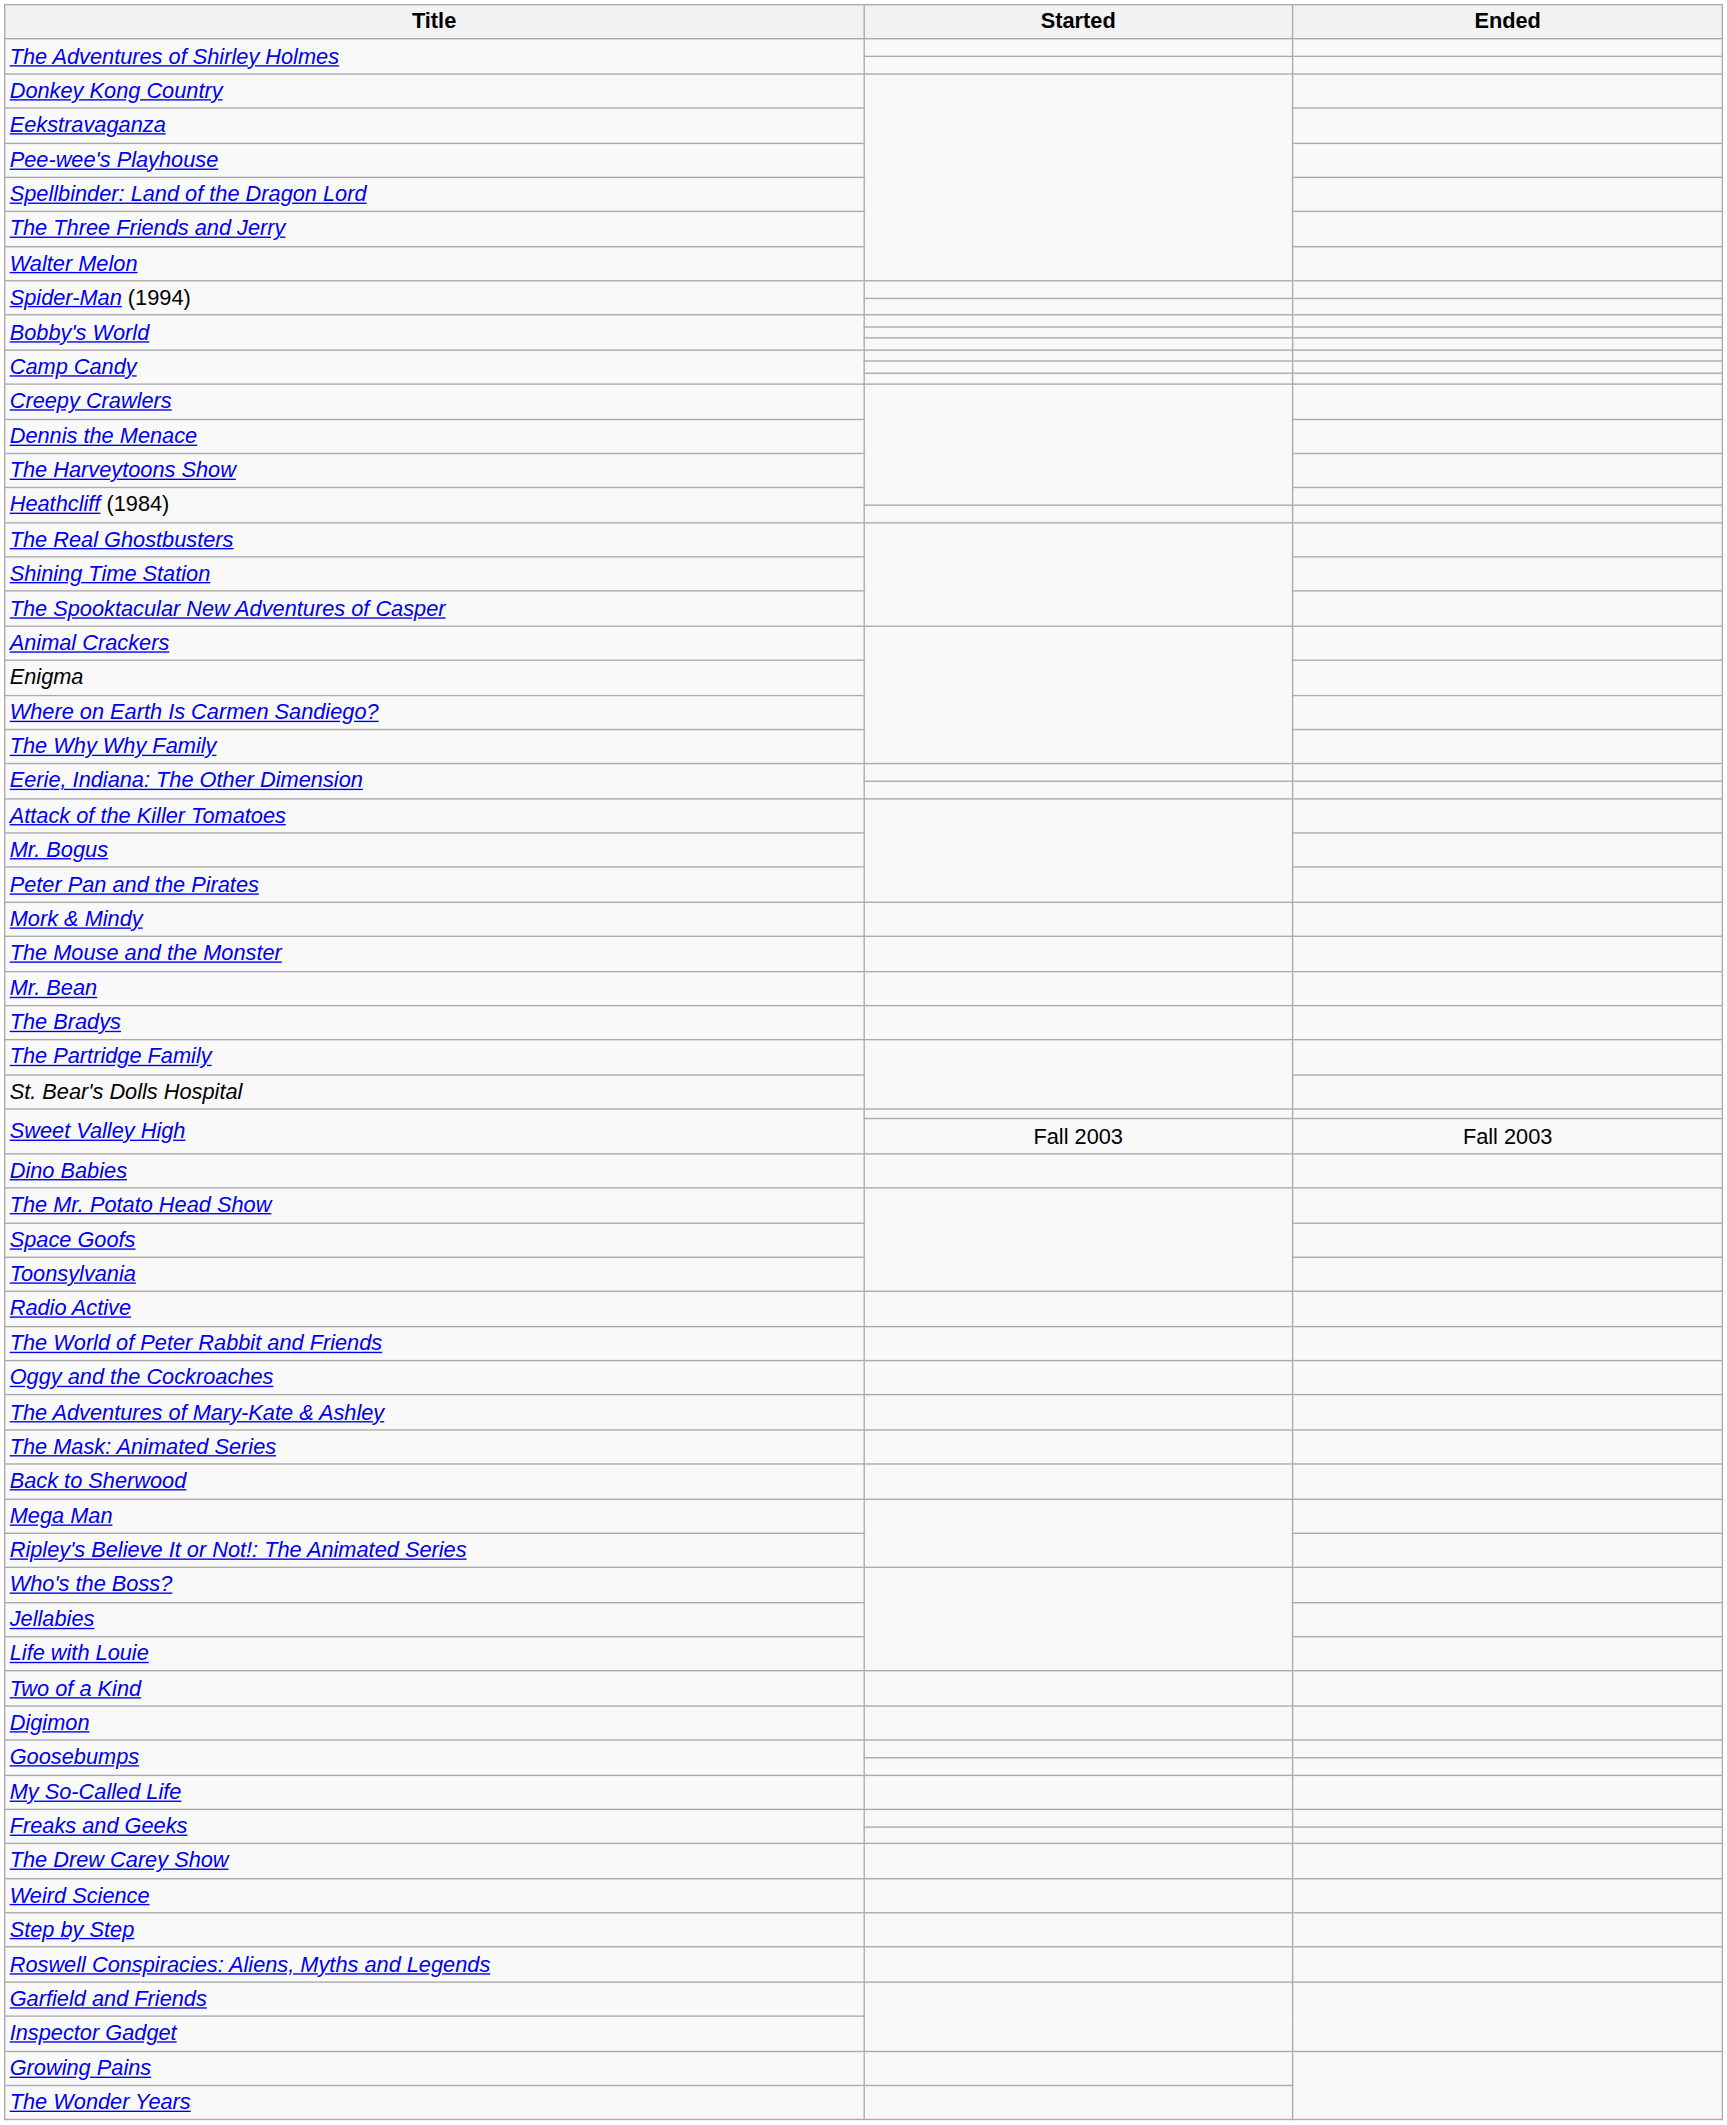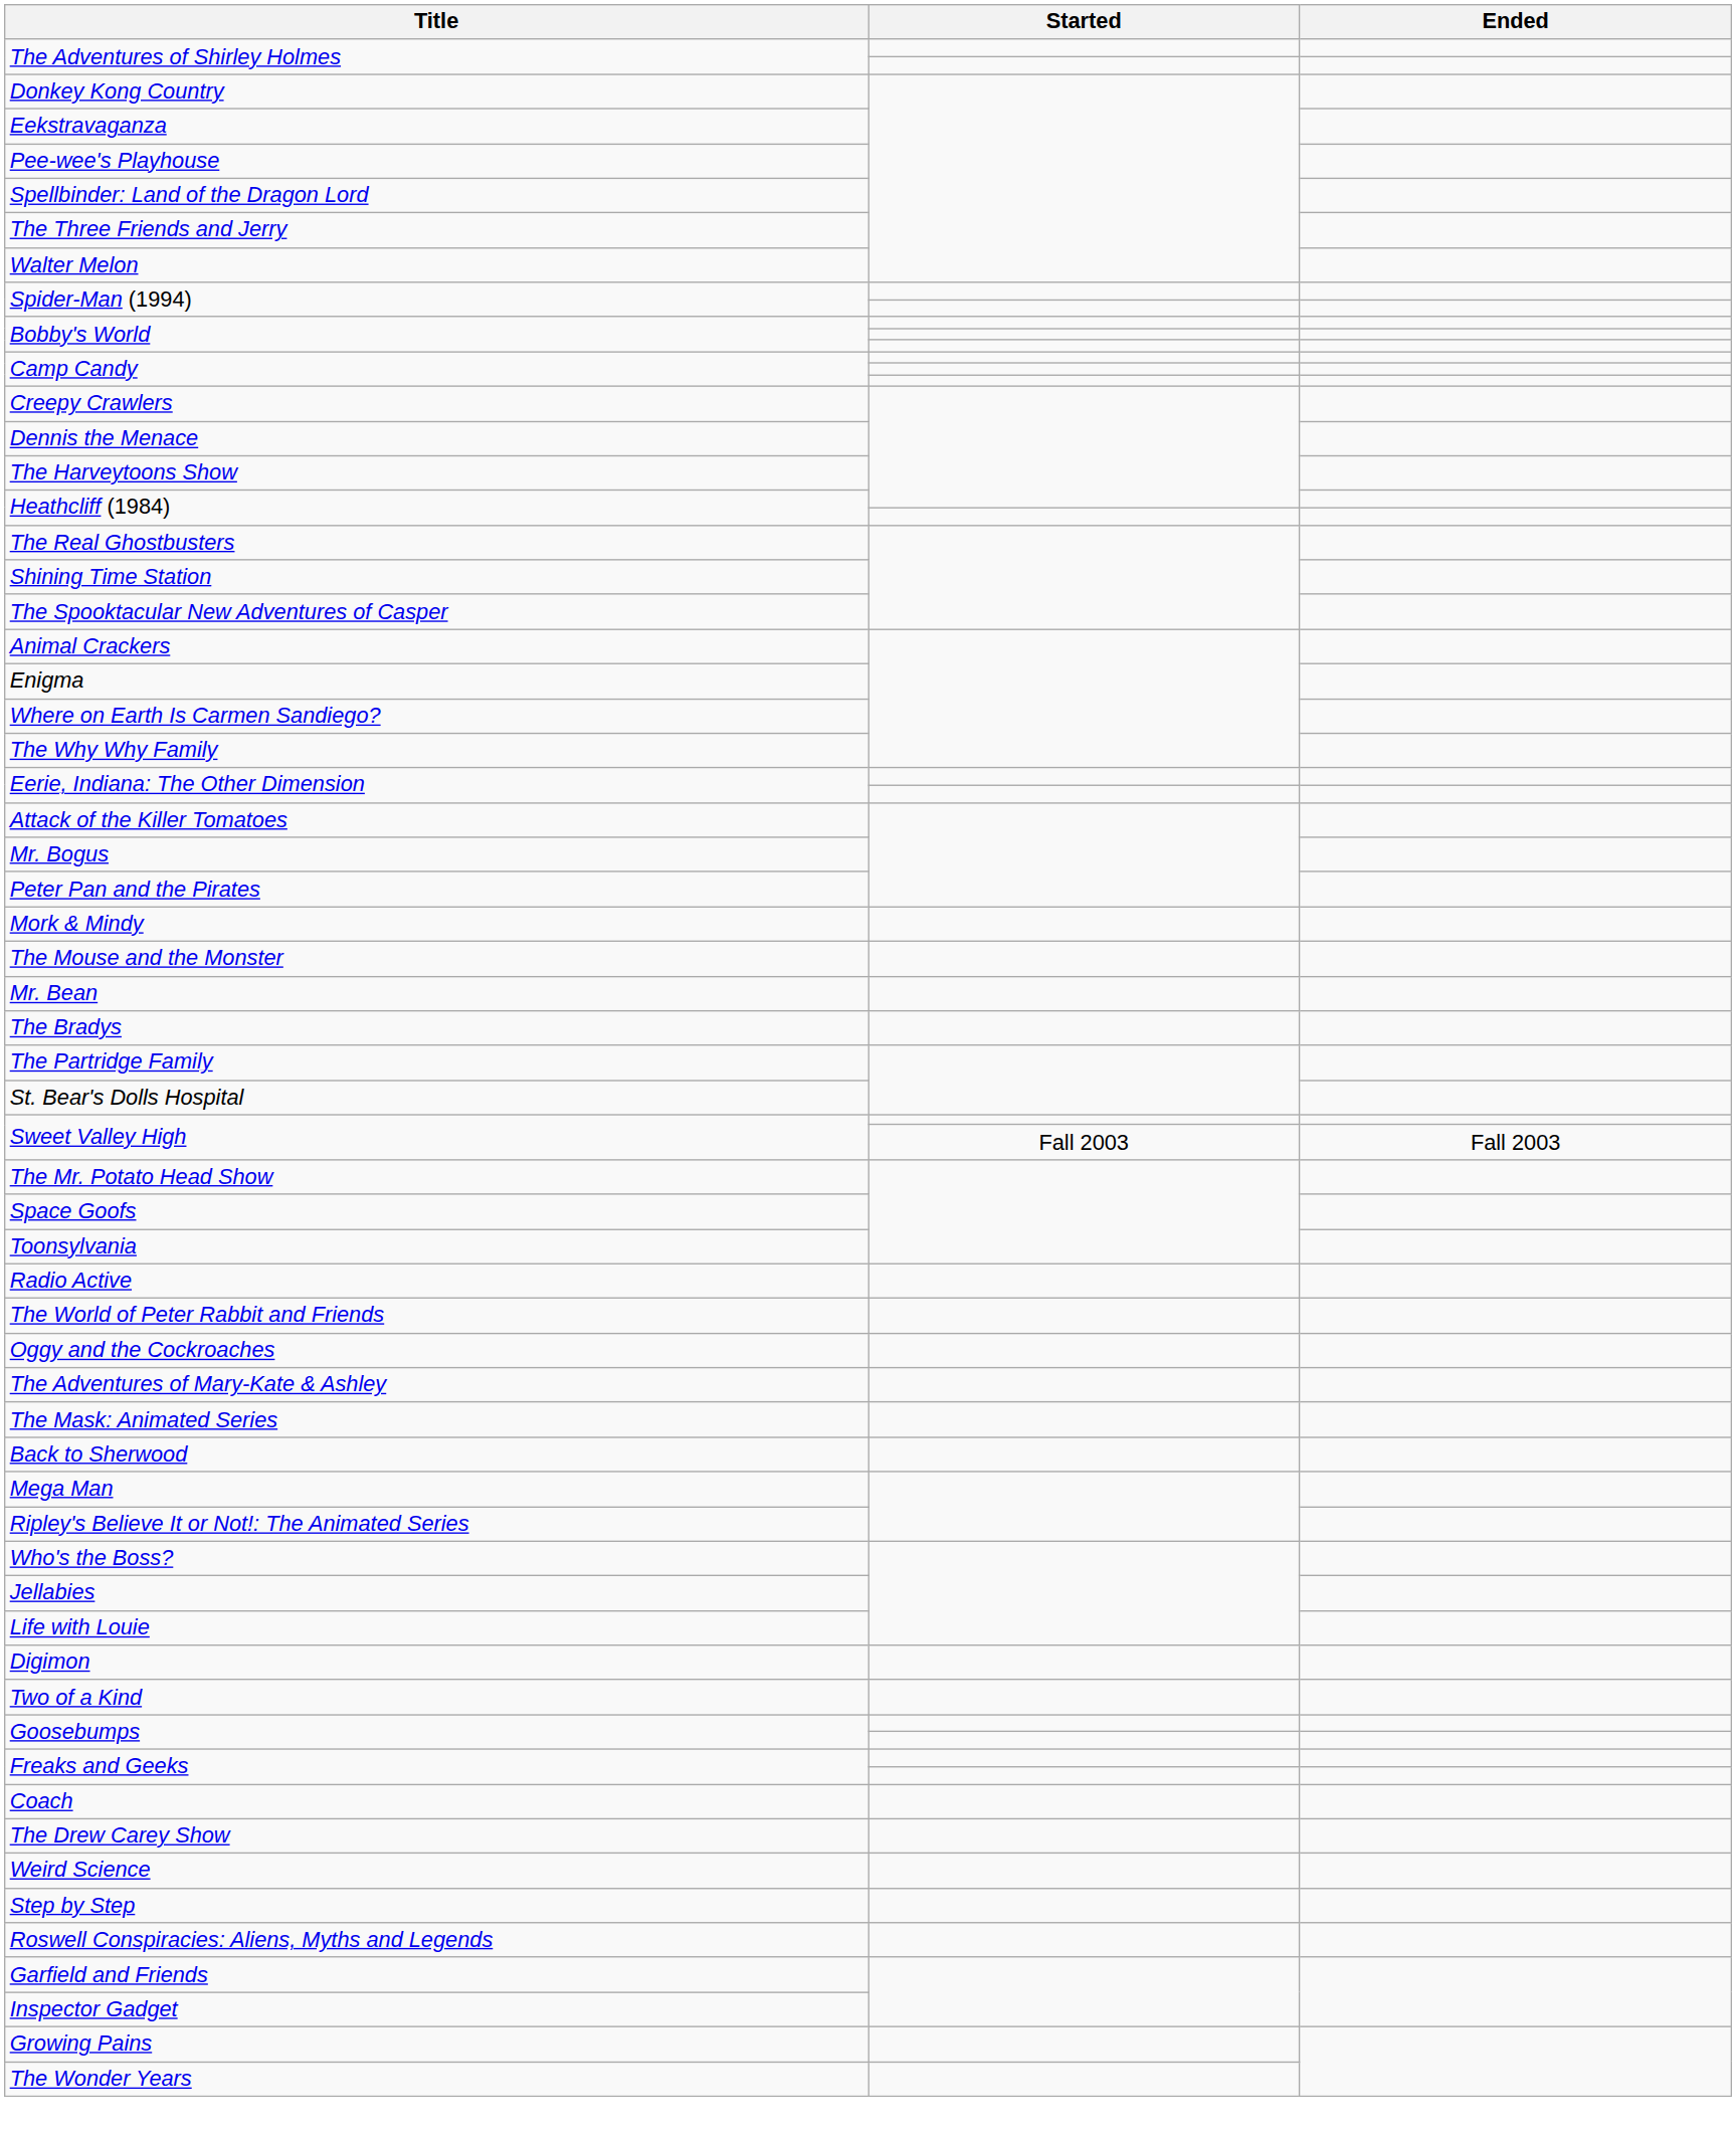 <table class="wikitable sortable" style="width:100%;text-align:center;">
 <tr>
 <th scope="col" style="width:50%;">Title</th>
 <th scope="col" style="width:25%;">Started</th>
 <th scope="col" style="width:25%;">Ended</th>
 </tr>
 <tr>
 <td scope="row" style="text-align:left;" rowspan="2"><em><a href='#'>The Adventures of Shirley Holmes</a></em></td>
 <td></td>
 <td></td>
 </tr>
 <tr>
 <td scope="row" style="text-align:center;"></td>
 <td></td>
 </tr>
 <tr>
 <td scope="row" style="text-align:left;"><em><a href='#'>Donkey Kong Country</a></em></td>
 <td rowspan="6"></td>
 <td></td>
 </tr>
 <tr>
 <td scope="row" style="text-align:left;"><em><a href='#'>Eekstravaganza</a></em></td>
 <td></td>
 </tr>
 <tr>
 <td scope="row" style="text-align:left;"><em><a href='#'>Pee-wee's Playhouse</a></em></td>
 <td></td>
 </tr>
 <tr>
 <td scope="row" style="text-align:left;"><em><a href='#'>Spellbinder: Land of the Dragon Lord</a></em></td>
 <td></td>
 </tr>
 <tr>
 <td scope="row" style="text-align:left;"><em><a href='#'>The Three Friends and Jerry</a></em></td>
 <td></td>
 </tr>
 <tr>
 <td scope="row" style="text-align:left;"><em><a href='#'>Walter Melon</a></em></td>
 <td></td>
 </tr>
 <tr>
 <td scope="row" style="text-align:left;" rowspan="2"><em><a href='#'>Spider-Man</a></em> (1994)</td>
 <td></td>
 <td></td>
 </tr>
 <tr>
 <td scope="row" style="text-align:center;"></td>
 <td></td>
 </tr>
 <tr>
 <td scope="row" style="text-align:left;" rowspan="3"><em><a href='#'>Bobby's World</a></em></td>
 <td></td>
 <td></td>
 </tr>
 <tr>
 <td scope="row" style="text-align:center;"></td>
 <td></td>
 </tr>
 <tr>
 <td scope="row" style="text-align:center;"></td>
 <td></td>
 </tr>
 <tr>
 <td scope="row" style="text-align:left;" rowspan="3"><em><a href='#'>Camp Candy</a></em></td>
 <td></td>
 <td></td>
 </tr>
 <tr>
 <td scope="row" style="text-align:center;"></td>
 <td></td>
 </tr>
 <tr>
 <td scope="row" style="text-align:center;"></td>
 <td></td>
 </tr>
 <tr>
 <td scope="row" style="text-align:left;"><em><a href='#'>Creepy Crawlers</a></em></td>
 <td rowspan="4"></td>
 <td></td>
 </tr>
 <tr>
 <td scope="row" style="text-align:left;"><em><a href='#'>Dennis the Menace</a></em></td>
 <td></td>
 </tr>
 <tr>
 <td scope="row" style="text-align:left;"><em><a href='#'>The Harveytoons Show</a></em></td>
 <td></td>
 </tr>
 <tr>
 <td scope="row" style="text-align:left;" rowspan="2"><em><a href='#'>Heathcliff</a></em> (1984)</td>
 <td></td>
 </tr>
 <tr>
 <td scope="row" style="text-align:center;"></td>
 <td></td>
 </tr>
 <tr>
 <td scope="row" style="text-align:left;"><em><a href='#'>The Real Ghostbusters</a></em></td>
 <td rowspan="3"></td>
 <td></td>
 </tr>
 <tr>
 <td scope="row" style="text-align:left;"><em><a href='#'>Shining Time Station</a></em></td>
 <td></td>
 </tr>
 <tr>
 <td scope="row" style="text-align:left;"><em><a href='#'>The Spooktacular New Adventures of Casper</a></em></td>
 <td></td>
 </tr>
 <tr>
 <td scope="row" style="text-align:left;"><em><a href='#'>Animal Crackers</a></em></td>
 <td rowspan="4"></td>
 <td></td>
 </tr>
 <tr>
 <td scope="row" style="text-align:left;"><em>Enigma</em></td>
 <td></td>
 </tr>
 <tr>
 <td scope="row" style="text-align:left;"><em><a href='#'>Where on Earth Is Carmen Sandiego?</a></em></td>
 <td></td>
 </tr>
 <tr>
 <td scope="row" style="text-align:left;"><em><a href='#'>The Why Why Family</a></em></td>
 <td></td>
 </tr>
 <tr>
 <td scope="row" style="text-align:left;" rowspan="2"><em><a href='#'>Eerie, Indiana: The Other Dimension</a></em></td>
 <td></td>
 <td></td>
 </tr>
 <tr>
 <td scope="row" style="text-align:center;"></td>
 <td></td>
 </tr>
 <tr>
 <td scope="row" style="text-align:left;"><em><a href='#'>Attack of the Killer Tomatoes</a></em></td>
 <td rowspan="3"></td>
 <td></td>
 </tr>
 <tr>
 <td scope="row" style="text-align:left;"><em><a href='#'>Mr. Bogus</a></em></td>
 <td></td>
 </tr>
 <tr>
 <td scope="row" style="text-align:left;"><em><a href='#'>Peter Pan and the Pirates</a></em></td>
 <td></td>
 </tr>
 <tr>
 <td scope="row" style="text-align:left;"><em><a href='#'>Mork & Mindy</a></em></td>
 <td></td>
 <td></td>
 </tr>
 <tr>
 <td scope="row" style="text-align:left;"><em><a href='#'>The Mouse and the Monster</a></em></td>
 <td></td>
 <td></td>
 </tr>
 <tr>
 <td scope="row" style="text-align:left;"><em><a href='#'>Mr. Bean</a></em></td>
 <td></td>
 <td></td>
 </tr>
 <tr>
 <td scope="row" style="text-align:left;"><em><a href='#'>The Bradys</a></em></td>
 <td></td>
 <td></td>
 </tr>
 <tr>
 <td scope="row" style="text-align:left;"><em><a href='#'>The Partridge Family</a></em></td>
 <td rowspan="2"></td>
 <td></td>
 </tr>
 <tr>
 <td scope="row" style="text-align:left;"><em>St. Bear's Dolls Hospital</em></td>
 <td></td>
 </tr>
 <tr>
 <td scope="row" style="text-align:left;" rowspan="2"><em><a href='#'>Sweet Valley High</a></em></td>
 <td></td>
 <td></td>
 </tr>
 <tr>
 <td scope="row" style="text-align:center;">Fall 2003</td>
 <td>Fall 2003</td>
 </tr>
 <tr>
-<td scope="row" style="text-align:left;"><em><a href='#'>Dino Babies</a></em></td>
-<td></td>
-<td></td>
-</tr>
-<tr>
 <td scope="row" style="text-align:left;"><em><a href='#'>The Mr. Potato Head Show</a></em></td>
 <td rowspan="3"></td>
 <td></td>
 </tr>
 <tr>
 <td scope="row" style="text-align:left;"><em><a href='#'>Space Goofs</a></em></td>
 <td></td>
 </tr>
 <tr>
 <td scope="row" style="text-align:left;"><em><a href='#'>Toonsylvania</a></em></td>
 <td></td>
 </tr>
 <tr>
 <td scope="row" style="text-align:left;"><em><a href='#'>Radio Active</a></em></td>
 <td></td>
 <td></td>
 </tr>
 <tr>
 <td scope="row" style="text-align:left;"><em><a href='#'>The World of Peter Rabbit and Friends</a></em></td>
 <td></td>
 <td></td>
 </tr>
 <tr>
 <td scope="row" style="text-align:left;"><em><a href='#'>Oggy and the Cockroaches</a></em></td>
 <td></td>
 <td></td>
 </tr>
 <tr>
 <td scope="row" style="text-align:left;"><em><a href='#'>The Adventures of Mary-Kate & Ashley</a></em></td>
 <td></td>
 <td></td>
 </tr>
 <tr>
 <td scope="row" style="text-align:left;"><em><a href='#'>The Mask: Animated Series</a></em></td>
 <td></td>
 <td></td>
 </tr>
 <tr>
 <td scope="row" style="text-align:left;"><em><a href='#'>Back to Sherwood</a></em></td>
 <td></td>
 <td></td>
 </tr>
 <tr>
 <td scope="row" style="text-align:left;"><em><a href='#'>Mega Man</a></em></td>
 <td rowspan="2"></td>
 <td></td>
 </tr>
 <tr>
 <td scope="row" style="text-align:left;"><em><a href='#'>Ripley's Believe It or Not!: The Animated Series</a></em></td>
 <td></td>
 </tr>
 <tr>
 <td scope="row" style="text-align:left;"><em><a href='#'>Who's the Boss?</a></em></td>
 <td rowspan="3"></td>
 <td></td>
 </tr>
 <tr>
 <td scope="row" style="text-align:left;"><em><a href='#'>Jellabies</a></em></td>
 <td></td>
 </tr>
 <tr>
 <td scope="row" style="text-align:left;"><em><a href='#'>Life with Louie</a></em></td>
 <td></td>
 </tr>
 <tr>
-<td scope="row" style="text-align:left;"><em><a href='#'>Two of a Kind</a></em></td>
+<td scope="row" style="text-align:left;"><em><a href='#'>Digimon</a></em></td>
 <td></td>
 <td></td>
 </tr>
 <tr>
-<td scope="row" style="text-align:left;"><em><a href='#'>Digimon</a></em></td>
+<td scope="row" style="text-align:left;"><em><a href='#'>Two of a Kind</a></em></td>
 <td></td>
 <td></td>
 </tr>
 <tr>
 <td scope="row" style="text-align:left;" rowspan="2"><em><a href='#'>Goosebumps</a></em></td>
 <td></td>
 <td></td>
 </tr>
 <tr>
 <td scope="row" style="text-align:center;"></td>
 <td></td>
 </tr>
 <tr>
-<td scope="row" style="text-align:left;"><em><a href='#'>My So-Called Life</a></em></td>
-<td></td>
-<td></td>
-</tr>
-<tr>
 <td scope="row" style="text-align:left;" rowspan="2"><em><a href='#'>Freaks and Geeks</a></em></td>
 <td></td>
 <td></td>
 </tr>
 <tr>
 <td scope="row" style="text-align:center;"></td>
+<td></td>
+</tr>
+<tr>
+<td scope="row" style="text-align:left;"><em><a href='#'>Coach</a></em></td>
+<td></td>
 <td></td>
 </tr>
 <tr>
 <td scope="row" style="text-align:left;"><em><a href='#'>The Drew Carey Show</a></em></td>
 <td></td>
 <td></td>
 </tr>
 <tr>
 <td scope="row" style="text-align:left;"><em><a href='#'>Weird Science</a></em></td>
 <td></td>
 <td></td>
 </tr>
 <tr>
 <td scope="row" style="text-align:left;"><em><a href='#'>Step by Step</a></em></td>
 <td></td>
 <td></td>
 </tr>
 <tr>
 <td scope="row" style="text-align:left;"><em><a href='#'>Roswell Conspiracies: Aliens, Myths and Legends</a></em></td>
 <td></td>
 <td></td>
 </tr>
 <tr>
 <td scope="row" style="text-align:left;"><em><a href='#'>Garfield and Friends</a></em></td>
 <td rowspan="2"></td>
 <td rowspan="2"></td>
 </tr>
 <tr>
 <td scope="row" style="text-align:left;"><em><a href='#'>Inspector Gadget</a></em></td>
 </tr>
 <tr>
 <td scope="row" style="text-align:left;"><em><a href='#'>Growing Pains</a></em></td>
 <td></td>
 <td rowspan="2"></td>
 </tr>
 <tr>
 <td scope="row" style="text-align:left;"><em><a href='#'>The Wonder Years</a></em></td>
 <td></td>
 </tr>
 </table>
